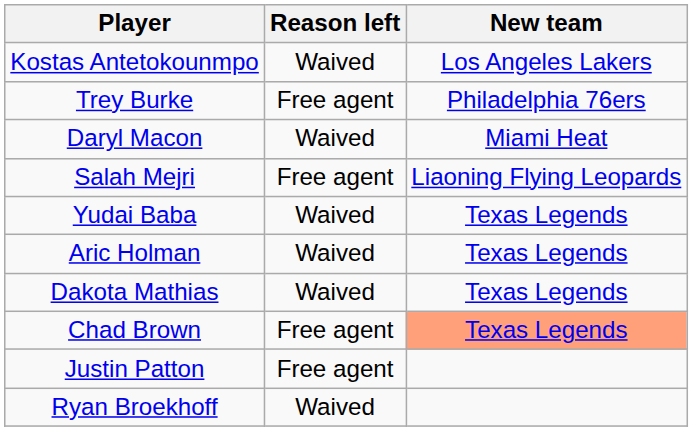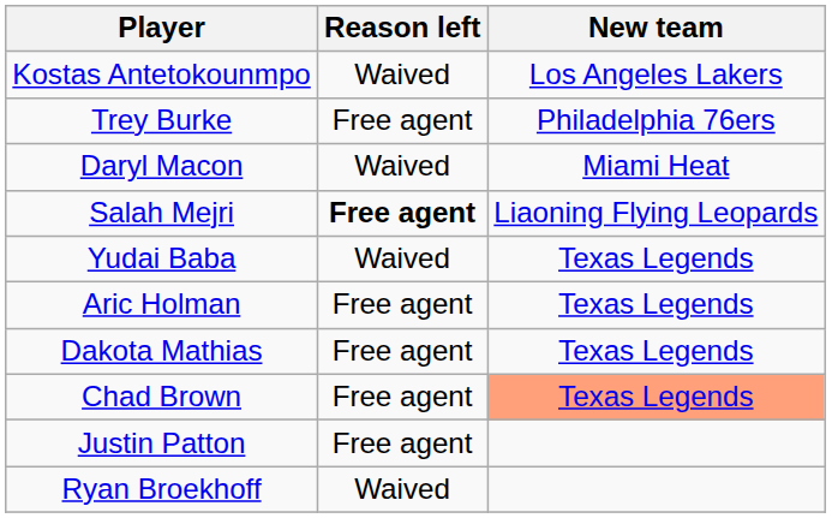 <table class="wikitable sortable sortable">
 <tr>
 <th>Player</th>
 <th>Reason left</th>
 <th>New team</th>
 </tr>
 <tr style="text-align: center">
 <td><a href='#'>Kostas Antetokounmpo</a></td>
 <td>Waived</td>
 <td><a href='#'>Los Angeles Lakers</a></td>
 </tr>
 <tr style="text-align: center">
 <td><a href='#'>Trey Burke</a></td>
 <td>Free agent</td>
 <td><a href='#'>Philadelphia 76ers</a></td>
 </tr>
 <tr style="text-align: center">
 <td><a href='#'>Daryl Macon</a></td>
 <td>Waived</td>
 <td><a href='#'>Miami Heat</a></td>
 </tr>
 <tr style="text-align: center">
 <td><a href='#'>Salah Mejri</a></td>
-<td>Free agent</td>
+<td><strong>Free agent</strong></td>
 <td> <a href='#'>Liaoning Flying Leopards</a></td>
 </tr>
 <tr style="text-align: center">
 <td><a href='#'>Yudai Baba</a></td>
 <td>Waived</td>
 <td><a href='#'>Texas Legends</a></td>
 </tr>
 <tr style="text-align: center">
 <td><a href='#'>Aric Holman</a></td>
-<td>Waived</td>
+<td>Free agent</td>
 <td><a href='#'>Texas Legends</a></td>
 </tr>
 <tr style="text-align: center">
 <td><a href='#'>Dakota Mathias</a></td>
-<td>Waived</td>
+<td>Free agent</td>
 <td><a href='#'>Texas Legends</a></td>
 </tr>
 <tr style="text-align: center">
 <td><a href='#'>Chad Brown</a></td>
 <td>Free agent</td>
 <td style="background: lightsalmon;"><a href='#'>Texas Legends</a></td>
 </tr>
 <tr style="text-align: center">
 <td><a href='#'>Justin Patton</a></td>
 <td>Free agent</td>
 <td></td>
 </tr>
 <tr style="text-align: center">
 <td><a href='#'>Ryan Broekhoff</a></td>
 <td>Waived</td>
 <td></td>
 </tr>
 </table>
